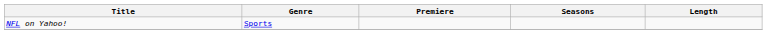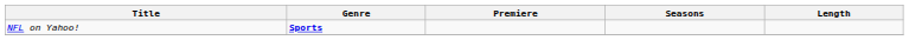 <table class="wikitable sortable" style="width:100%;">
 <tr>
 <th>Title</th>
 <th>Genre</th>
 <th>Premiere</th>
 <th>Seasons</th>
 <th>Length</th>
 </tr>
 <tr>
 <td><em><a href='#'>NFL</a> on Yahoo!</em></td>
-<td><a href='#'>Sports</a></td>
+<td><strong><a href='#'>Sports</a></strong></td>
 <td></td>
 <td></td>
 <td></td>
 </tr>
 <tr>
 </tr>
 </table>
